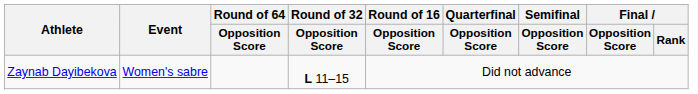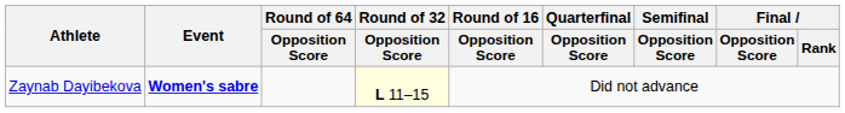 <table class="wikitable" style="font-size:90%">
 <tr>
 <th rowspan="2">Athlete</th>
 <th rowspan="2">Event</th>
 <th>Round of 64</th>
 <th>Round of 32</th>
 <th>Round of 16</th>
 <th>Quarterfinal</th>
 <th>Semifinal</th>
 <th colspan=2>Final / </th>
 </tr>
 <tr style="font-size:95%">
 <th>Opposition <br> Score</th>
 <th>Opposition <br> Score</th>
 <th>Opposition <br> Score</th>
 <th>Opposition <br> Score</th>
 <th>Opposition <br> Score</th>
 <th>Opposition <br> Score</th>
 <th>Rank</th>
 </tr>
 <tr align=center>
 <td align=left><a href='#'>Zaynab Dayibekova</a></td>
-<td align=left><a href='#'>Women's sabre</a></td>
+<td align=left><strong><a href='#'>Women's sabre</a></strong></td>
 <td></td>
-<td><br><strong>L</strong> 11–15</td>
+<td style="background: lightyellow;"><br><strong>L</strong> 11–15</td>
 <td colspan=5>Did not advance</td>
 </tr>
 </table>
